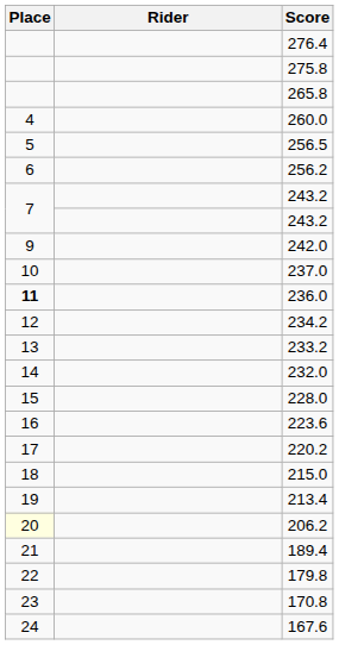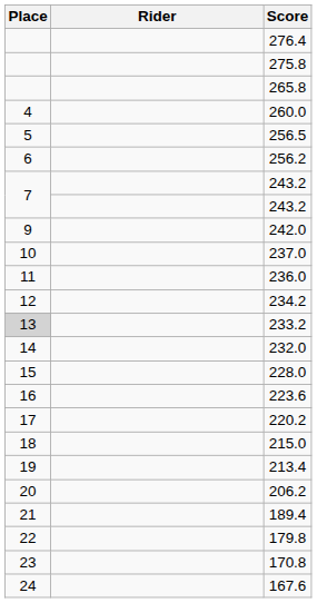 <table class=wikitable style="text-align:center">
 <tr>
 <th>Place</th>
 <th width=220>Rider</th>
 <th>Score</th>
 </tr>
 <tr>
 <td></td>
 <td align=left></td>
 <td>276.4</td>
 </tr>
 <tr>
 <td></td>
 <td align=left></td>
 <td>275.8</td>
 </tr>
 <tr>
 <td></td>
 <td align=left></td>
 <td>265.8</td>
 </tr>
 <tr>
 <td>4</td>
 <td align=left></td>
 <td>260.0</td>
 </tr>
 <tr>
 <td>5</td>
 <td align=left></td>
 <td>256.5</td>
 </tr>
 <tr>
 <td>6</td>
 <td align=left></td>
 <td>256.2</td>
 </tr>
 <tr>
 <td rowspan=2>7</td>
 <td align=left></td>
 <td>243.2</td>
 </tr>
 <tr>
 <td align=left></td>
 <td>243.2</td>
 </tr>
 <tr>
 <td>9</td>
 <td align=left></td>
 <td>242.0</td>
 </tr>
 <tr>
 <td>10</td>
 <td align=left></td>
 <td>237.0</td>
 </tr>
 <tr>
-<td><strong>11</strong></td>
+<td>11</td>
 <td align=left></td>
 <td>236.0</td>
 </tr>
 <tr>
 <td>12</td>
 <td align=left></td>
 <td>234.2</td>
 </tr>
 <tr>
-<td>13</td>
+<td style="background: lightgrey;">13</td>
 <td align=left></td>
 <td>233.2</td>
 </tr>
 <tr>
 <td>14</td>
 <td align=left></td>
 <td>232.0</td>
 </tr>
 <tr>
 <td>15</td>
 <td align=left></td>
 <td>228.0</td>
 </tr>
 <tr>
 <td>16</td>
 <td align=left></td>
 <td>223.6</td>
 </tr>
 <tr>
 <td>17</td>
 <td align=left></td>
 <td>220.2</td>
 </tr>
 <tr>
 <td>18</td>
 <td align=left></td>
 <td>215.0</td>
 </tr>
 <tr>
 <td>19</td>
 <td align=left></td>
 <td>213.4</td>
 </tr>
 <tr>
-<td style="background: lightyellow;">20</td>
+<td>20</td>
 <td align=left></td>
 <td>206.2</td>
 </tr>
 <tr>
 <td>21</td>
 <td align=left></td>
 <td>189.4</td>
 </tr>
 <tr>
 <td>22</td>
 <td align=left></td>
 <td>179.8</td>
 </tr>
 <tr>
 <td>23</td>
 <td align=left></td>
 <td>170.8</td>
 </tr>
 <tr>
 <td>24</td>
 <td align=left></td>
 <td>167.6</td>
 </tr>
 </table>
